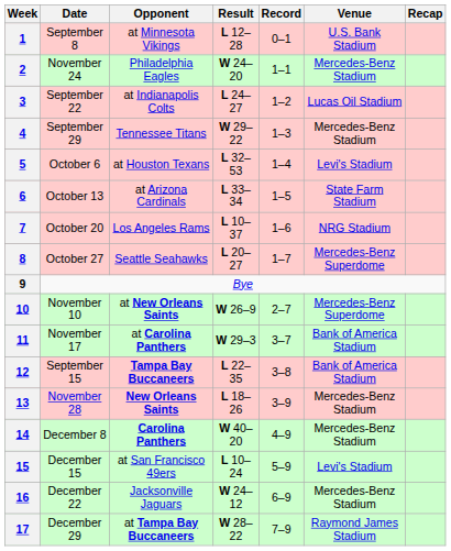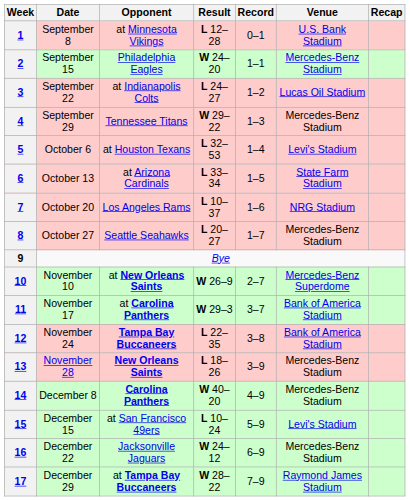 <table class="wikitable" style="text-align:center">
 <tr>
 <th>Week</th>
 <th>Date</th>
 <th>Opponent</th>
 <th>Result</th>
 <th>Record</th>
 <th>Venue</th>
 <th>Recap</th>
 </tr>
 <tr style="background:#fcc">
 <th><a href='#'>1</a></th>
 <td>September 8</td>
 <td>at <a href='#'>Minnesota Vikings</a></td>
 <td><strong>L</strong> 12–28</td>
 <td>0–1</td>
 <td><a href='#'>U.S. Bank Stadium</a></td>
 <td></td>
 </tr>
 <tr style="background:#cfc">
 <th><a href='#'>2</a></th>
-<td>November 24</td>
+<td>September 15</td>
 <td><a href='#'>Philadelphia Eagles</a></td>
 <td><strong>W</strong> 24–20</td>
 <td>1–1</td>
 <td><a href='#'>Mercedes-Benz Stadium</a></td>
 <td></td>
 </tr>
 <tr style="background:#fcc">
 <th><a href='#'>3</a></th>
 <td>September 22</td>
 <td>at <a href='#'>Indianapolis Colts</a></td>
 <td><strong>L</strong> 24–27</td>
 <td>1–2</td>
 <td><a href='#'>Lucas Oil Stadium</a></td>
 <td></td>
 </tr>
 <tr style="background:#fcc">
 <th><a href='#'>4</a></th>
 <td>September 29</td>
 <td><a href='#'>Tennessee Titans</a></td>
 <td><strong>W</strong> 29–22</td>
 <td>1–3</td>
 <td>Mercedes-Benz Stadium</td>
 <td></td>
 </tr>
 <tr style="background:#fcc">
 <th><a href='#'>5</a></th>
 <td>October 6</td>
 <td>at <a href='#'>Houston Texans</a></td>
 <td><strong>L</strong> 32–53</td>
 <td>1–4</td>
 <td><a href='#'>Levi's Stadium</a></td>
 <td></td>
 </tr>
 <tr style="background:#fcc">
 <th><a href='#'>6</a></th>
 <td>October 13</td>
 <td>at <a href='#'>Arizona Cardinals</a></td>
 <td><strong>L</strong> 33–34</td>
 <td>1–5</td>
 <td><a href='#'>State Farm Stadium</a></td>
 <td></td>
 </tr>
 <tr style="background:#fcc">
 <th><a href='#'>7</a></th>
 <td>October 20</td>
 <td><a href='#'>Los Angeles Rams</a></td>
 <td><strong>L</strong> 10–37</td>
 <td>1–6</td>
 <td><a href='#'>NRG Stadium</a></td>
 <td></td>
 </tr>
 <tr style="background:#fcc">
 <th><a href='#'>8</a></th>
 <td>October 27</td>
 <td><a href='#'>Seattle Seahawks</a></td>
 <td><strong>L</strong> 20–27</td>
 <td>1–7</td>
-<td><a href='#'>Mercedes-Benz Superdome</a></td>
+<td>Mercedes-Benz Stadium</td>
 <td></td>
 </tr>
 <tr>
 <th>9</th>
 <td colspan="6"><em><a href='#'>Bye</a></em></td>
 </tr>
 <tr style="background:#cfc">
 <th><a href='#'>10</a></th>
 <td>November 10</td>
 <td>at <strong><a href='#'>New Orleans Saints</a></strong></td>
 <td><strong>W</strong> 26–9</td>
 <td>2–7</td>
 <td><a href='#'>Mercedes-Benz Superdome</a></td>
 <td></td>
 </tr>
 <tr style="background:#cfc">
 <th><a href='#'>11</a></th>
 <td>November 17</td>
 <td>at <strong><a href='#'>Carolina Panthers</a></strong></td>
 <td><strong>W</strong> 29–3</td>
 <td>3–7</td>
 <td><a href='#'>Bank of America Stadium</a></td>
 <td></td>
 </tr>
 <tr style="background:#fcc">
 <th><a href='#'>12</a></th>
-<td>September 15</td>
+<td>November 24</td>
 <td><strong><a href='#'>Tampa Bay Buccaneers</a></strong></td>
 <td><strong>L</strong> 22–35</td>
 <td>3–8</td>
 <td><a href='#'>Bank of America Stadium</a></td>
 <td></td>
 </tr>
 <tr style="background:#fcc">
 <th><a href='#'>13</a></th>
 <td><a href='#'>November 28</a></td>
 <td><strong><a href='#'>New Orleans Saints</a></strong></td>
 <td><strong>L</strong> 18–26</td>
 <td>3–9</td>
 <td>Mercedes-Benz Stadium</td>
 <td></td>
 </tr>
 <tr style="background:#cfc">
 <th><a href='#'>14</a></th>
 <td>December 8</td>
 <td><strong><a href='#'>Carolina Panthers</a></strong></td>
 <td><strong>W</strong> 40–20</td>
 <td>4–9</td>
 <td>Mercedes-Benz Stadium</td>
 <td></td>
 </tr>
 <tr style="background:#cfc">
 <th><a href='#'>15</a></th>
 <td>December 15</td>
 <td>at <a href='#'>San Francisco 49ers</a></td>
 <td><strong>L</strong> 10–24</td>
 <td>5–9</td>
 <td><a href='#'>Levi's Stadium</a></td>
 <td></td>
 </tr>
 <tr style="background:#cfc">
 <th><a href='#'>16</a></th>
 <td>December 22</td>
 <td><a href='#'>Jacksonville Jaguars</a></td>
 <td><strong>W</strong> 24–12</td>
 <td>6–9</td>
 <td>Mercedes-Benz Stadium</td>
 <td></td>
 </tr>
 <tr style="background:#cfc">
 <th><a href='#'>17</a></th>
 <td>December 29</td>
 <td>at <strong><a href='#'>Tampa Bay Buccaneers</a></strong></td>
 <td><strong>W</strong> 28–22 </td>
 <td>7–9</td>
 <td><a href='#'>Raymond James Stadium</a></td>
 <td></td>
 </tr>
 </table>
